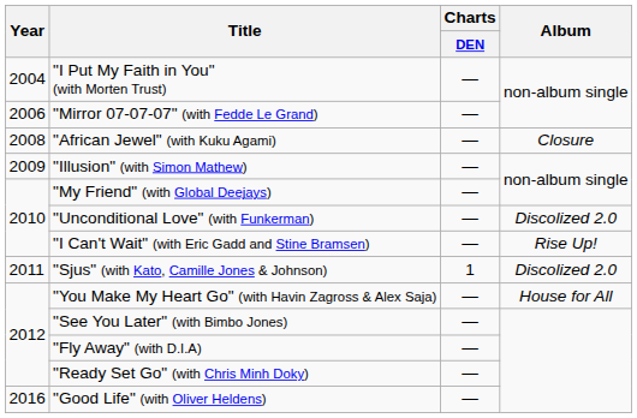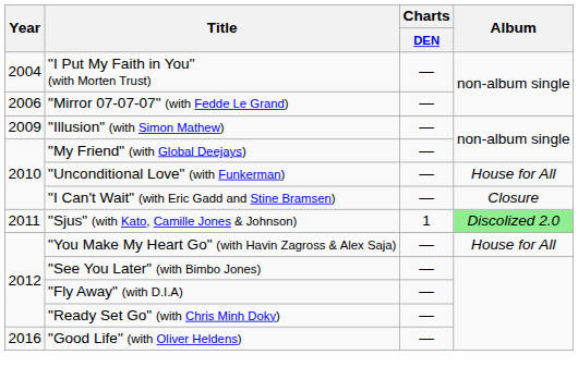 <table class="wikitable">
 <tr>
 <th scope="col" rowspan="2">Year</th>
 <th scope="col" rowspan="2">Title</th>
 <th scope="col" colspan="1">Charts</th>
 <th scope="col" rowspan="2">Album</th>
 </tr>
 <tr>
 <th width="20"><small><a href='#'>DEN</a></small><br></th>
 </tr>
 <tr>
 <td>2004</td>
 <td align="left">"I Put My Faith in You" <br><small>(with Morten Trust)</small></td>
 <td align="center">—</td>
 <td style="text-align:center;" rowspan="2">non-album single</td>
 </tr>
 <tr>
 <td>2006</td>
 <td align="left">"Mirror 07-07-07" <small>(with <a href='#'>Fedde Le Grand</a>)</small></td>
 <td align="center">—</td>
 </tr>
 <tr>
-<td>2008</td>
-<td align="left">"African Jewel" <small>(with Kuku Agami)</small></td>
-<td align="center">—</td>
-<td style="text-align:center;"><em>Closure</em></td>
-</tr>
-<tr>
 <td>2009</td>
 <td align="left">"Illusion" <small>(with <a href='#'>Simon Mathew</a>)</small></td>
 <td align="center">—</td>
 <td style="text-align:center;" rowspan="2">non-album single</td>
 </tr>
 <tr>
 <td rowspan="3">2010</td>
 <td align="left">"My Friend" <small>(with <a href='#'>Global Deejays</a>)</small></td>
 <td align="center">—</td>
 </tr>
 <tr>
 <td align="left">"Unconditional Love" <small>(with <a href='#'>Funkerman</a>)</small></td>
 <td align="center">—</td>
-<td style="text-align:center;"><em>Discolized 2.0</em></td>
+<td style="text-align:center;"><em>House for All</em></td>
 </tr>
 <tr>
 <td align="left">"I Can't Wait" <small>(with Eric Gadd and <a href='#'>Stine Bramsen</a>)</small></td>
 <td align="center">—</td>
-<td style="text-align:center;"><em>Rise Up!</em></td>
+<td style="text-align:center;"><em>Closure</em></td>
 </tr>
 <tr>
 <td>2011</td>
 <td align="left">"Sjus" <small>(with <a href='#'>Kato</a>, <a href='#'>Camille Jones</a> & Johnson)</small></td>
 <td align="center">1</td>
-<td style="text-align:center;"><em>Discolized 2.0</em></td>
+<td style="background: lightgreen; text-align:center;"><em>Discolized 2.0</em></td>
 </tr>
 <tr>
 <td rowspan="4">2012</td>
 <td align="left">"You Make My Heart Go" <small>(with Havin Zagross & Alex Saja)</small></td>
 <td align="center">—</td>
 <td style="text-align:center;"><em>House for All</em></td>
 </tr>
 <tr>
 <td align="left">"See You Later" <small>(with Bimbo Jones)</small></td>
 <td align="center">—</td>
 </tr>
 <tr>
 <td align="left">"Fly Away" <small>(with D.I.A)</small></td>
 <td align="center">—</td>
 </tr>
 <tr>
 <td align="left">"Ready Set Go" <small>(with <a href='#'>Chris Minh Doky</a>)</small></td>
 <td align="center">—</td>
 </tr>
 <tr>
 <td>2016</td>
 <td align="left">"Good Life" <small>(with <a href='#'>Oliver Heldens</a>)</small></td>
 <td align="center">—</td>
 </tr>
 </table>
